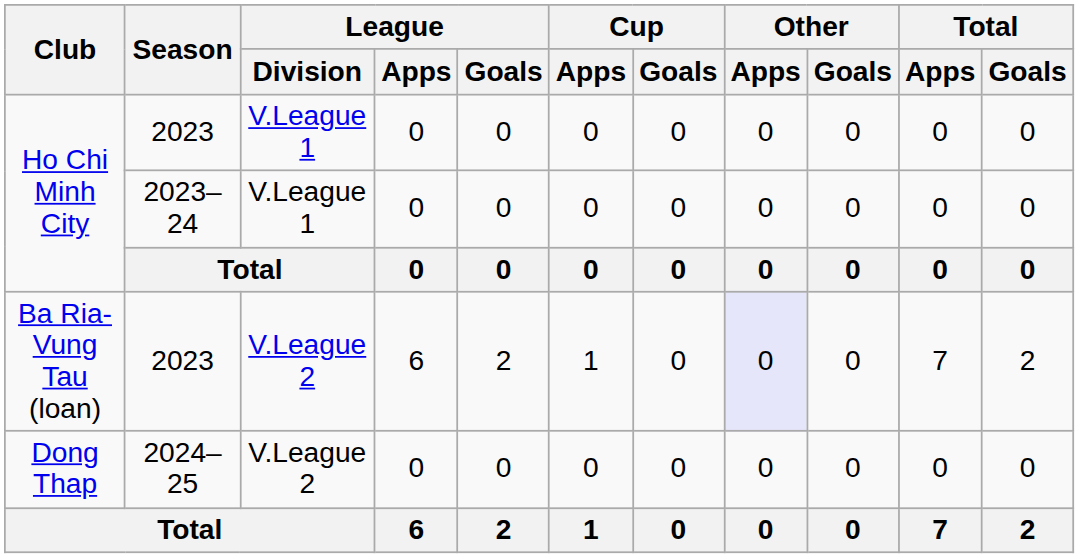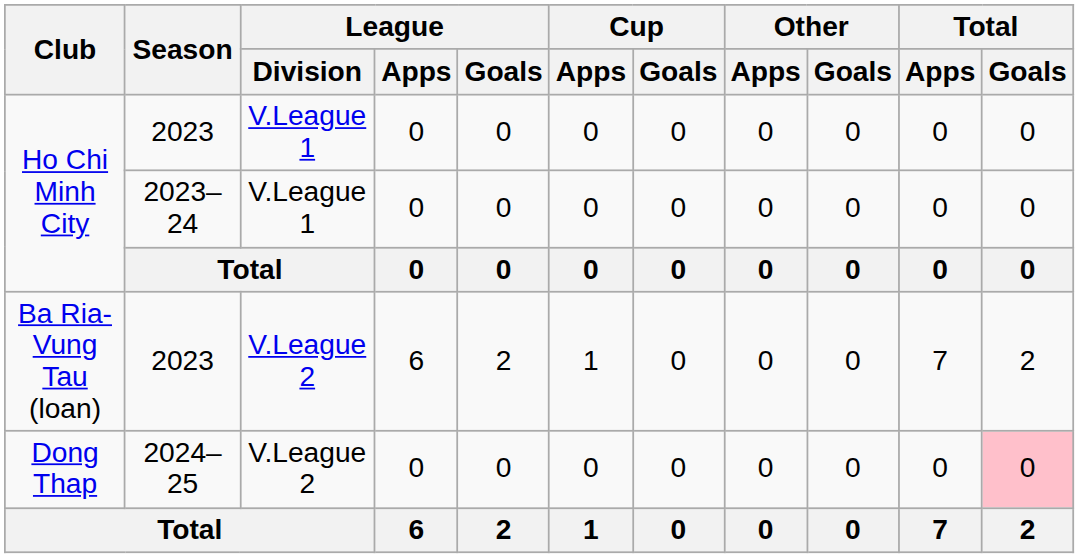 <table class=wikitable style="text-align:center; margin-bottom: 10px;">
 <tr>
 <th rowspan=2>Club</th>
 <th rowspan=2>Season</th>
 <th colspan=3>League</th>
 <th colspan=2>Cup</th>
 <th colspan=2>Other</th>
 <th colspan=2>Total</th>
 </tr>
 <tr>
 <th>Division</th>
 <th>Apps</th>
 <th>Goals</th>
 <th>Apps</th>
 <th>Goals</th>
 <th>Apps</th>
 <th>Goals</th>
 <th>Apps</th>
 <th>Goals</th>
 </tr>
 <tr>
 <td rowspan="3"><a href='#'>Ho Chi Minh City</a></td>
 <td>2023</td>
 <td><a href='#'>V.League 1</a></td>
 <td>0</td>
 <td>0</td>
 <td>0</td>
 <td>0</td>
 <td>0</td>
 <td>0</td>
 <td>0</td>
 <td>0</td>
 </tr>
 <tr>
 <td>2023–24</td>
 <td>V.League 1</td>
 <td>0</td>
 <td>0</td>
 <td>0</td>
 <td>0</td>
 <td>0</td>
 <td>0</td>
 <td>0</td>
 <td>0</td>
 </tr>
 <tr>
 <th colspan="2">Total</th>
 <th>0</th>
 <th>0</th>
 <th>0</th>
 <th>0</th>
 <th>0</th>
 <th>0</th>
 <th>0</th>
 <th>0</th>
 </tr>
 <tr>
 <td><a href='#'>Ba Ria-Vung Tau</a> (loan)</td>
 <td>2023</td>
 <td><a href='#'>V.League 2</a></td>
 <td>6</td>
 <td>2</td>
 <td>1</td>
 <td>0</td>
-<td style="background: lavender;">0</td>
+<td>0</td>
 <td>0</td>
 <td>7</td>
 <td>2</td>
 </tr>
 <tr>
 <td><a href='#'>Dong Thap</a></td>
 <td>2024–25</td>
 <td>V.League 2</td>
 <td>0</td>
 <td>0</td>
 <td>0</td>
 <td>0</td>
 <td>0</td>
 <td>0</td>
 <td>0</td>
-<td>0</td>
+<td style="background: pink;">0</td>
 </tr>
 <tr>
 <th colspan="3">Total</th>
 <th>6</th>
 <th>2</th>
 <th>1</th>
 <th>0</th>
 <th>0</th>
 <th>0</th>
 <th>7</th>
 <th>2</th>
 </tr>
 </table>
